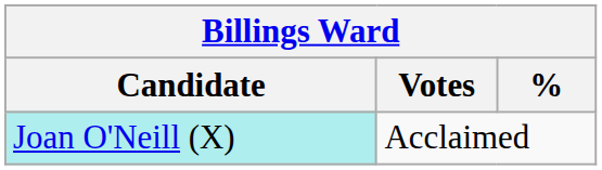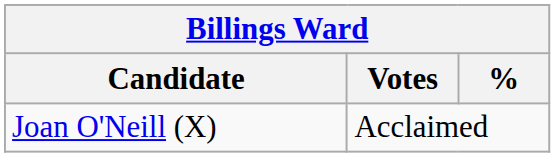 <table class="wikitable">
 <tr>
 <th colspan="3"><a href='#'>Billings Ward</a></th>
 </tr>
 <tr>
 <th style="width: 170px">Candidate</th>
 <th style="width: 50px">Votes</th>
 <th style="width: 40px">%</th>
 </tr>
 <tr>
-<td style="background: paleturquoise;"><a href='#'>Joan O'Neill</a> (X)</td>
+<td><a href='#'>Joan O'Neill</a> (X)</td>
 <td colspan="2">Acclaimed</td>
 </tr>
 </table>
